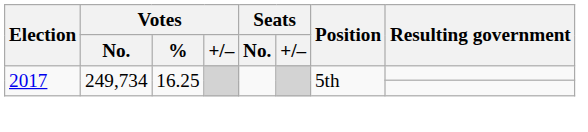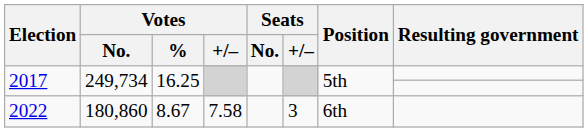 <table class="wikitable">
 <tr>
 <th rowspan="2" style="background-color:">Election</th>
 <th colspan="3" style="background-color:">Votes</th>
 <th colspan="2" style="background-color:">Seats</th>
 <th rowspan="2" style="background-color:">Position</th>
 <th rowspan="2" style="background-color:">Resulting government</th>
 </tr>
 <tr>
 <th style="background-color:">No.</th>
 <th style="background-color:">%</th>
 <th style="background-color:">+/–</th>
 <th style="background-color:">No.</th>
 <th style="background-color:">+/–</th>
 </tr>
 <tr>
 <td rowspan="2"><a href='#'>2017</a></td>
 <td rowspan="2">249,734</td>
 <td rowspan="2">16.25</td>
 <td rowspan="2" bgcolor="lightgray" rowpsan="2"></td>
 <td rowspan="2"></td>
 <td rowspan="2" bgcolor="lightgray"></td>
 <td rowspan="2">5th</td>
 <td></td>
 </tr>
 <tr>
 <td></td>
 </tr>
+<tr>
+<td><a href='#'>2022</a></td>
+<td>180,860</td>
+<td>8.67</td>
+<td> 7.58</td>
+<td></td>
+<td> 3</td>
+<td> 6th</td>
+<td></td>
+</tr>
 </table>
